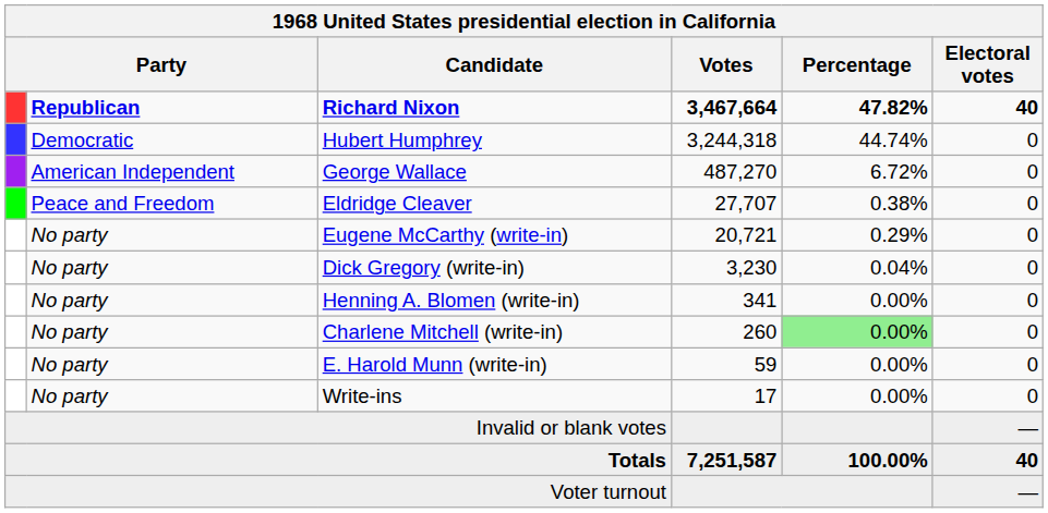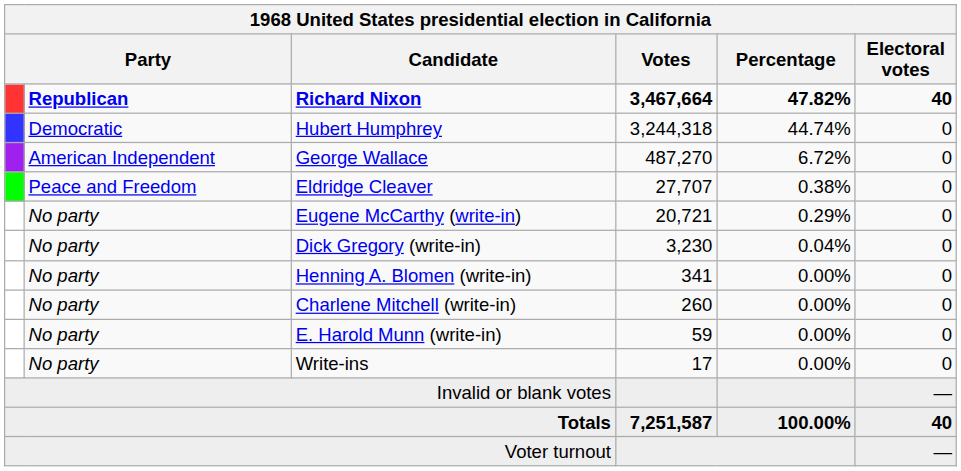 <table class="wikitable" style="font-size: 95%;">
 <tr>
 <th colspan="6">1968 United States presidential election in California</th>
 </tr>
 <tr>
 <th colspan="2" style="width: 15em">Party</th>
 <th style="width: 17em">Candidate</th>
 <th style="width: 5em">Votes</th>
 <th style="width: 7em">Percentage</th>
 <th style="width: 5em">Electoral votes</th>
 </tr>
 <tr>
 <th style="background-color:#FF3333; width: 3px"></th>
 <td style="width: 130px"><strong><a href='#'>Republican</a></strong></td>
 <td><strong><a href='#'>Richard Nixon</a></strong></td>
 <td align="right"><strong>3,467,664</strong></td>
 <td align="right"><strong>47.82%</strong></td>
 <td align="right"><strong>40</strong></td>
 </tr>
 <tr>
 <th style="background-color:#3333FF; width: 3px"></th>
 <td style="width: 130px"><a href='#'>Democratic</a></td>
 <td><a href='#'>Hubert Humphrey</a></td>
 <td align="right">3,244,318</td>
 <td align="right">44.74%</td>
 <td align="right">0</td>
 </tr>
 <tr>
 <th style="background-color:#A020F0; width: 3px"></th>
 <td style="width: 130px"><a href='#'>American Independent</a></td>
 <td><a href='#'>George Wallace</a></td>
 <td align="right">487,270</td>
 <td align="right">6.72%</td>
 <td align="right">0</td>
 </tr>
 <tr>
 <th style="background-color:#00FF00; width: 3px"></th>
 <td style="width: 130px"><a href='#'>Peace and Freedom</a></td>
 <td><a href='#'>Eldridge Cleaver</a></td>
 <td align="right">27,707</td>
 <td align="right">0.38%</td>
 <td align="right">0</td>
 </tr>
 <tr>
 <th style="background-color:#FFFFFF; width: 3px"></th>
 <td style="width: 130px"><em>No party</em></td>
 <td><a href='#'>Eugene McCarthy</a> (<a href='#'>write-in</a>)</td>
 <td align="right">20,721</td>
 <td align="right">0.29%</td>
 <td align="right">0</td>
 </tr>
 <tr>
 <th style="background-color:#FFFFFF; width: 3px"></th>
 <td style="width: 130px"><em>No party</em></td>
 <td><a href='#'>Dick Gregory</a> (write-in)</td>
 <td align="right">3,230</td>
 <td align="right">0.04%</td>
 <td align="right">0</td>
 </tr>
 <tr>
 <th style="background-color:#FFFFFF; width: 3px"></th>
 <td style="width: 130px"><em>No party</em></td>
 <td><a href='#'>Henning A. Blomen</a> (write-in)</td>
 <td align="right">341</td>
 <td align="right">0.00%</td>
 <td align="right">0</td>
 </tr>
 <tr>
 <th style="background-color:#FFFFFF; width: 3px"></th>
 <td style="width: 130px"><em>No party</em></td>
 <td><a href='#'>Charlene Mitchell</a> (write-in)</td>
 <td align="right">260</td>
-<td align="right" style="background: lightgreen;">0.00%</td>
+<td align="right">0.00%</td>
 <td align="right">0</td>
 </tr>
 <tr>
 <th style="background-color:#FFFFFF; width: 3px"></th>
 <td style="width: 130px"><em>No party</em></td>
 <td><a href='#'>E. Harold Munn</a> (write-in)</td>
 <td align="right">59</td>
 <td align="right">0.00%</td>
 <td align="right">0</td>
 </tr>
 <tr>
 <th style="background-color:#FFFFFF; width: 3px"></th>
 <td style="width: 130px"><em>No party</em></td>
 <td>Write-ins</td>
 <td align="right">17</td>
 <td align="right">0.00%</td>
 <td align="right">0</td>
 </tr>
 <tr bgcolor="#EEEEEE">
 <td colspan="3" align="right">Invalid or blank votes</td>
 <td align="right"></td>
 <td align="right"></td>
 <td align="right">—</td>
 </tr>
 <tr bgcolor="#EEEEEE">
 <td colspan="3" align="right"><strong>Totals</strong></td>
 <td align="right"><strong>7,251,587</strong></td>
 <td align="right"><strong>100.00%</strong></td>
 <td align="right"><strong>40</strong></td>
 </tr>
 <tr bgcolor="#EEEEEE">
 <td colspan="3" align="right">Voter turnout</td>
 <td colspan="2" align="right"></td>
 <td align="right">—</td>
 </tr>
 </table>
